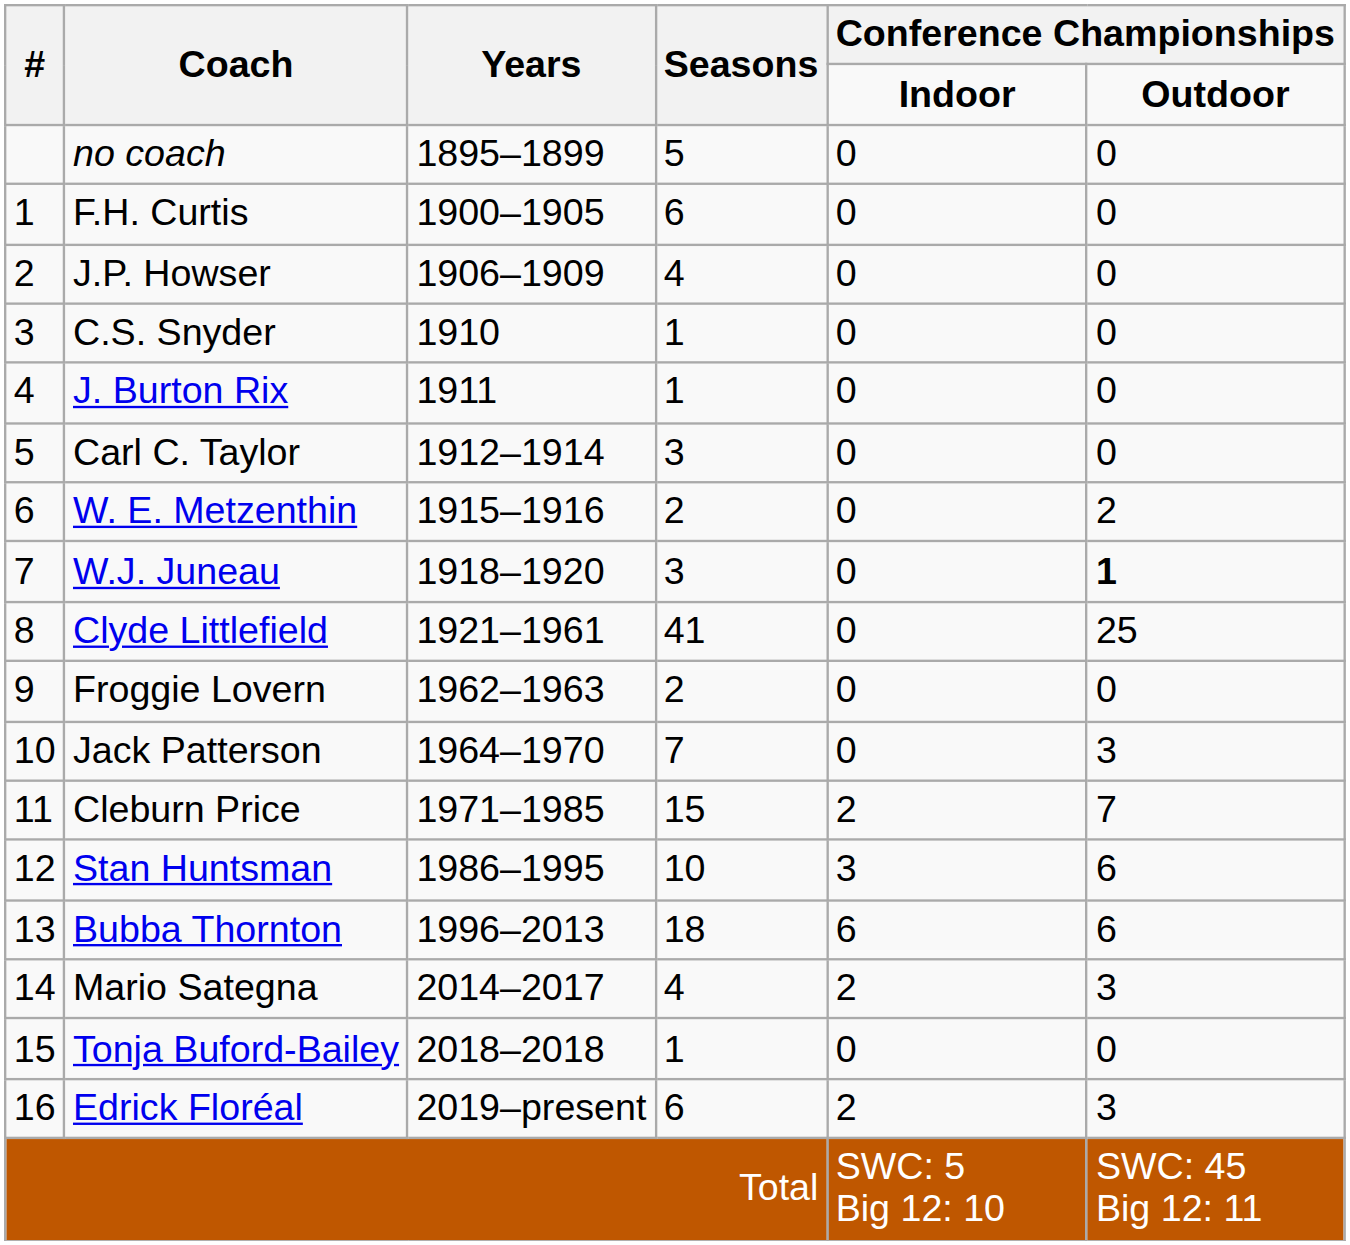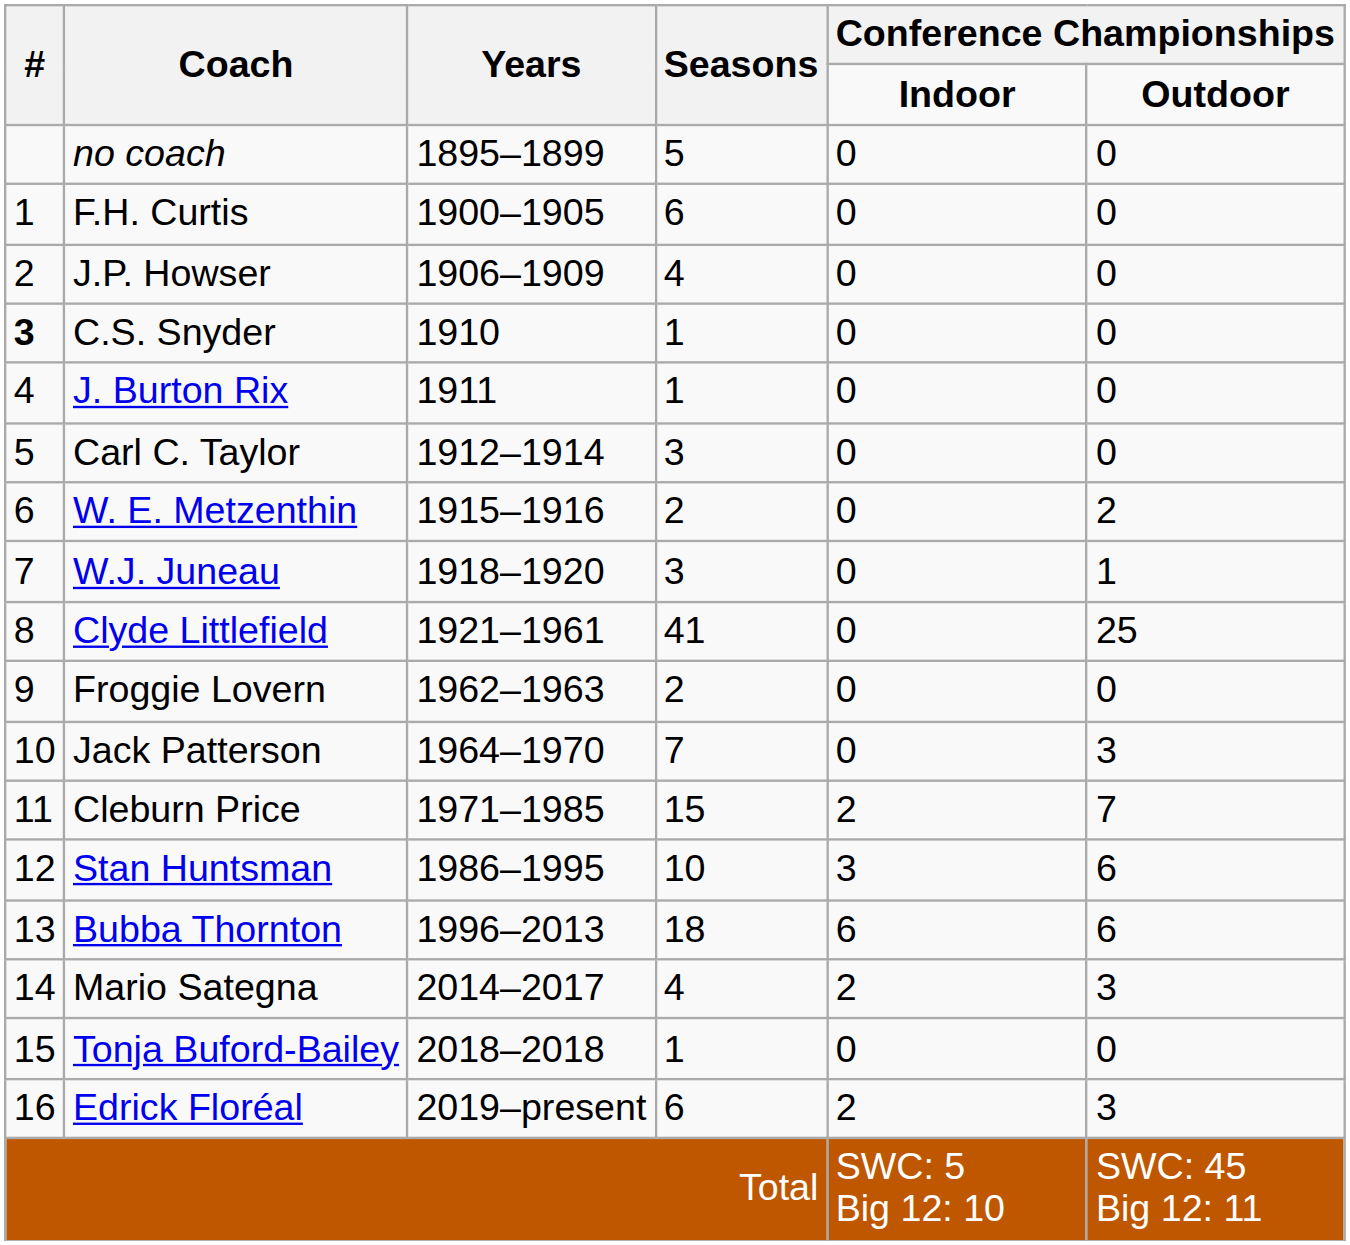 <table class="wikitable">
 <tr>
 <th rowspan="2">#</th>
 <th rowspan="2">Coach</th>
 <th rowspan="2">Years</th>
 <th rowspan="2">Seasons</th>
 <th colspan="2">Conference Championships</th>
 </tr>
 <tr align="center">
 <td><strong>Indoor</strong></td>
 <td><strong>Outdoor</strong></td>
 </tr>
 <tr>
 <td></td>
 <td><em>no coach</em></td>
 <td>1895–1899</td>
 <td>5</td>
 <td>0</td>
 <td>0</td>
 </tr>
 <tr>
 <td>1</td>
 <td>F.H. Curtis</td>
 <td>1900–1905</td>
 <td>6</td>
 <td>0</td>
 <td>0</td>
 </tr>
 <tr>
 <td>2</td>
 <td>J.P. Howser</td>
 <td>1906–1909</td>
 <td>4</td>
 <td>0</td>
 <td>0</td>
 </tr>
 <tr>
-<td>3</td>
+<td><strong>3</strong></td>
 <td>C.S. Snyder</td>
 <td>1910</td>
 <td>1</td>
 <td>0</td>
 <td>0</td>
 </tr>
 <tr>
 <td>4</td>
 <td><a href='#'>J. Burton Rix</a></td>
 <td>1911</td>
 <td>1</td>
 <td>0</td>
 <td>0</td>
 </tr>
 <tr>
 <td>5</td>
 <td>Carl C. Taylor</td>
 <td>1912–1914</td>
 <td>3</td>
 <td>0</td>
 <td>0</td>
 </tr>
 <tr>
 <td>6</td>
 <td><a href='#'>W. E. Metzenthin</a></td>
 <td>1915–1916</td>
 <td>2</td>
 <td>0</td>
 <td>2</td>
 </tr>
 <tr>
 <td>7</td>
 <td><a href='#'>W.J. Juneau</a></td>
 <td>1918–1920</td>
 <td>3</td>
 <td>0</td>
-<td><strong>1</strong></td>
+<td>1</td>
 </tr>
 <tr>
 <td>8</td>
 <td><a href='#'>Clyde Littlefield</a></td>
 <td>1921–1961</td>
 <td>41</td>
 <td>0</td>
 <td>25</td>
 </tr>
 <tr>
 <td>9</td>
 <td>Froggie Lovern</td>
 <td>1962–1963</td>
 <td>2</td>
 <td>0</td>
 <td>0</td>
 </tr>
 <tr>
 <td>10</td>
 <td>Jack Patterson</td>
 <td>1964–1970</td>
 <td>7</td>
 <td>0</td>
 <td>3</td>
 </tr>
 <tr>
 <td>11</td>
 <td>Cleburn Price</td>
 <td>1971–1985</td>
 <td>15</td>
 <td>2</td>
 <td>7</td>
 </tr>
 <tr>
 <td>12</td>
 <td><a href='#'>Stan Huntsman</a></td>
 <td>1986–1995</td>
 <td>10</td>
 <td>3</td>
 <td>6</td>
 </tr>
 <tr>
 <td>13</td>
 <td><a href='#'>Bubba Thornton</a></td>
 <td>1996–2013</td>
 <td>18</td>
 <td>6</td>
 <td>6</td>
 </tr>
 <tr>
 <td>14</td>
 <td>Mario Sategna</td>
 <td>2014–2017</td>
 <td>4</td>
 <td>2</td>
 <td>3</td>
 </tr>
 <tr>
 <td>15</td>
 <td><a href='#'>Tonja Buford-Bailey</a></td>
 <td>2018–2018</td>
 <td>1</td>
 <td>0</td>
 <td>0</td>
 </tr>
 <tr>
 <td>16</td>
 <td><a href='#'>Edrick Floréal</a></td>
 <td>2019–present</td>
 <td>6</td>
 <td>2</td>
 <td>3</td>
 </tr>
 <tr style= "background: #BF5700; color:white">
 <td colspan="4" align="right">Total</td>
 <td>SWC: 5<br>Big 12: 10</td>
 <td>SWC: 45<br>Big 12: 11</td>
 </tr>
 </table>
